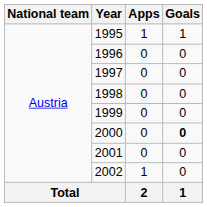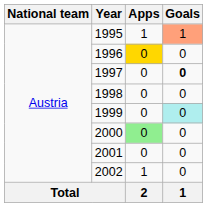 <table class="wikitable" style="text-align:center">
 <tr>
 <th>National team</th>
 <th>Year</th>
 <th>Apps</th>
 <th>Goals</th>
 </tr>
 <tr>
 <td rowspan="8"><a href='#'>Austria</a></td>
 <td>1995</td>
 <td>1</td>
-<td>1</td>
+<td style="background: lightsalmon;">1</td>
 </tr>
 <tr>
 <td>1996</td>
-<td>0</td>
+<td style="background: gold;">0</td>
 <td>0</td>
 </tr>
 <tr>
 <td>1997</td>
 <td>0</td>
-<td>0</td>
+<td><strong>0</strong></td>
 </tr>
 <tr>
 <td>1998</td>
 <td>0</td>
 <td>0</td>
 </tr>
 <tr>
 <td>1999</td>
 <td>0</td>
-<td>0</td>
+<td style="background: paleturquoise;">0</td>
 </tr>
 <tr>
 <td>2000</td>
+<td style="background: lightgreen;">0</td>
 <td>0</td>
-<td><strong>0</strong></td>
 </tr>
 <tr>
 <td>2001</td>
 <td>0</td>
 <td>0</td>
 </tr>
 <tr>
 <td>2002</td>
 <td>1</td>
 <td>0</td>
 </tr>
 <tr>
 <th colspan="2">Total</th>
 <th>2</th>
 <th>1</th>
 </tr>
 </table>
